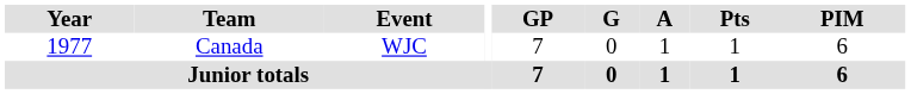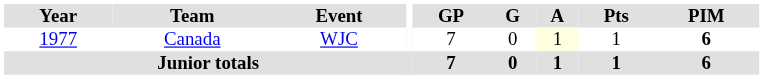 <table border="0" cellpadding="1" cellspacing="0" ID="Table3" style="text-align:center; width:40em">
 <tr bgcolor="#e0e0e0">
 <th>Year</th>
 <th>Team</th>
 <th>Event</th>
 <th rowspan="102" bgcolor="#ffffff"></th>
 <th>GP</th>
 <th>G</th>
 <th>A</th>
 <th>Pts</th>
 <th>PIM</th>
 </tr>
 <tr>
 <td><a href='#'>1977</a></td>
 <td><a href='#'>Canada</a></td>
 <td><a href='#'>WJC</a></td>
 <td>7</td>
 <td>0</td>
+<td style="background: lightyellow;">1</td>
 <td>1</td>
-<td>1</td>
-<td>6</td>
+<td><strong>6</strong></td>
 </tr>
 <tr bgcolor="#e0e0e0">
 <th colspan="4">Junior totals</th>
 <th>7</th>
 <th>0</th>
 <th>1</th>
 <th>1</th>
 <th>6</th>
 </tr>
 </table>
